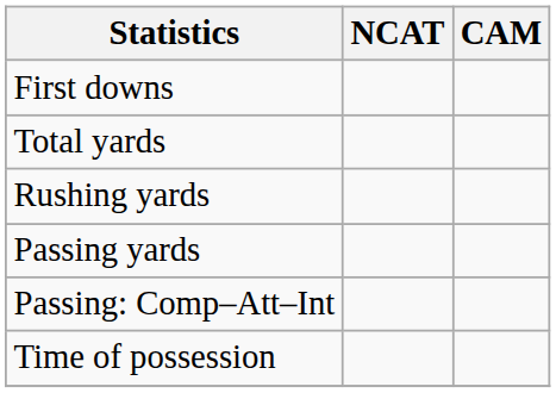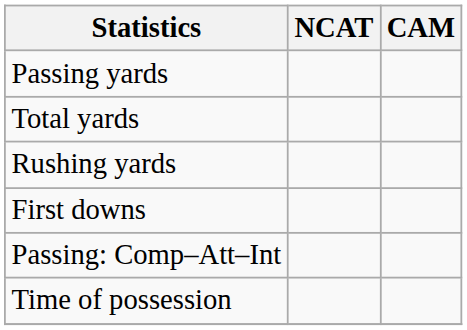 <table class="wikitable" style="float: left;">
 <tr>
 <th>Statistics</th>
 <th>NCAT</th>
 <th>CAM</th>
 </tr>
 <tr>
-<td>First downs</td>
+<td>Passing yards</td>
 <td></td>
 <td></td>
 </tr>
 <tr>
 <td>Total yards</td>
 <td></td>
 <td></td>
 </tr>
 <tr>
 <td>Rushing yards</td>
 <td></td>
 <td></td>
 </tr>
 <tr>
-<td>Passing yards</td>
+<td>First downs</td>
 <td></td>
 <td></td>
 </tr>
 <tr>
 <td>Passing: Comp–Att–Int</td>
 <td></td>
 <td></td>
 </tr>
 <tr>
 <td>Time of possession</td>
 <td></td>
 <td></td>
 </tr>
 <tr>
 </tr>
 </table>
